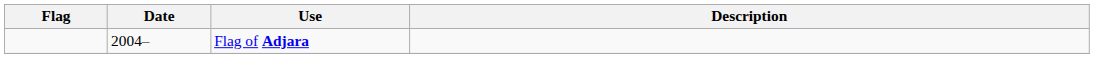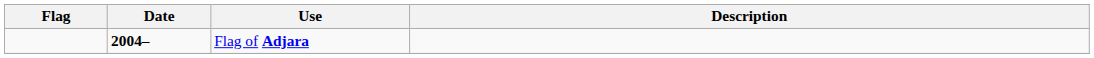 <table class="wikitable sortable">
 <tr>
 <th style="width:100px;">Flag</th>
 <th style="width:100px;">Date</th>
 <th style="width:200px;">Use</th>
 <th style="width:700px;">Description</th>
 </tr>
 <tr>
 <td></td>
-<td>2004–</td>
+<td><strong>2004–</strong></td>
 <td><a href='#'>Flag of</a> <strong><a href='#'>Adjara</a></strong></td>
 <td></td>
 </tr>
 <tr>
 </tr>
 </table>
